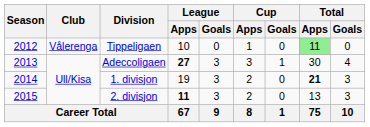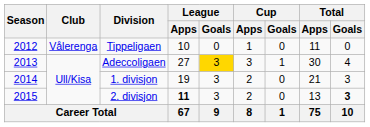 <table class="wikitable" style="text-align: center;">
 <tr>
 <th rowspan="2">Season</th>
 <th rowspan="2">Club</th>
 <th rowspan="2">Division</th>
 <th colspan="2">League</th>
 <th colspan="2">Cup</th>
 <th colspan="2">Total</th>
 </tr>
 <tr>
 <th>Apps</th>
 <th>Goals</th>
 <th>Apps</th>
 <th>Goals</th>
 <th>Apps</th>
 <th>Goals</th>
 </tr>
 <tr>
 <td><a href='#'>2012</a></td>
 <td rowspan="1" valign="center"><a href='#'>Vålerenga</a></td>
 <td rowspan="1" valign="center"><a href='#'>Tippeligaen</a></td>
 <td>10</td>
 <td>0</td>
 <td>1</td>
 <td>0</td>
-<td style="background: lightgreen;">11</td>
+<td>11</td>
 <td>0</td>
 </tr>
 <tr>
 <td><a href='#'>2013</a></td>
 <td rowspan="3" valign="center"><a href='#'>Ull/Kisa</a></td>
 <td rowspan="1" valign="center"><a href='#'>Adeccoligaen</a></td>
-<td><strong>27</strong></td>
-<td>3</td>
+<td>27</td>
+<td style="background: gold;">3</td>
 <td>3</td>
 <td>1</td>
 <td>30</td>
 <td>4</td>
 </tr>
 <tr>
 <td><a href='#'>2014</a></td>
 <td rowspan="1" valign="center"><a href='#'>1. divisjon</a></td>
 <td>19</td>
 <td>3</td>
 <td>2</td>
 <td>0</td>
-<td><strong>21</strong></td>
+<td>21</td>
 <td>3</td>
 </tr>
 <tr>
 <td><a href='#'>2015</a></td>
 <td rowspan="1" valign="center"><a href='#'>2. divisjon</a></td>
 <td><strong>11</strong></td>
 <td>3</td>
 <td>2</td>
 <td>0</td>
 <td>13</td>
-<td>3</td>
+<td><strong>3</strong></td>
 </tr>
 <tr>
 <th colspan="3">Career Total</th>
 <th>67</th>
 <th>9</th>
 <th>8</th>
 <th>1</th>
 <th>75</th>
 <th>10</th>
 </tr>
 </table>
